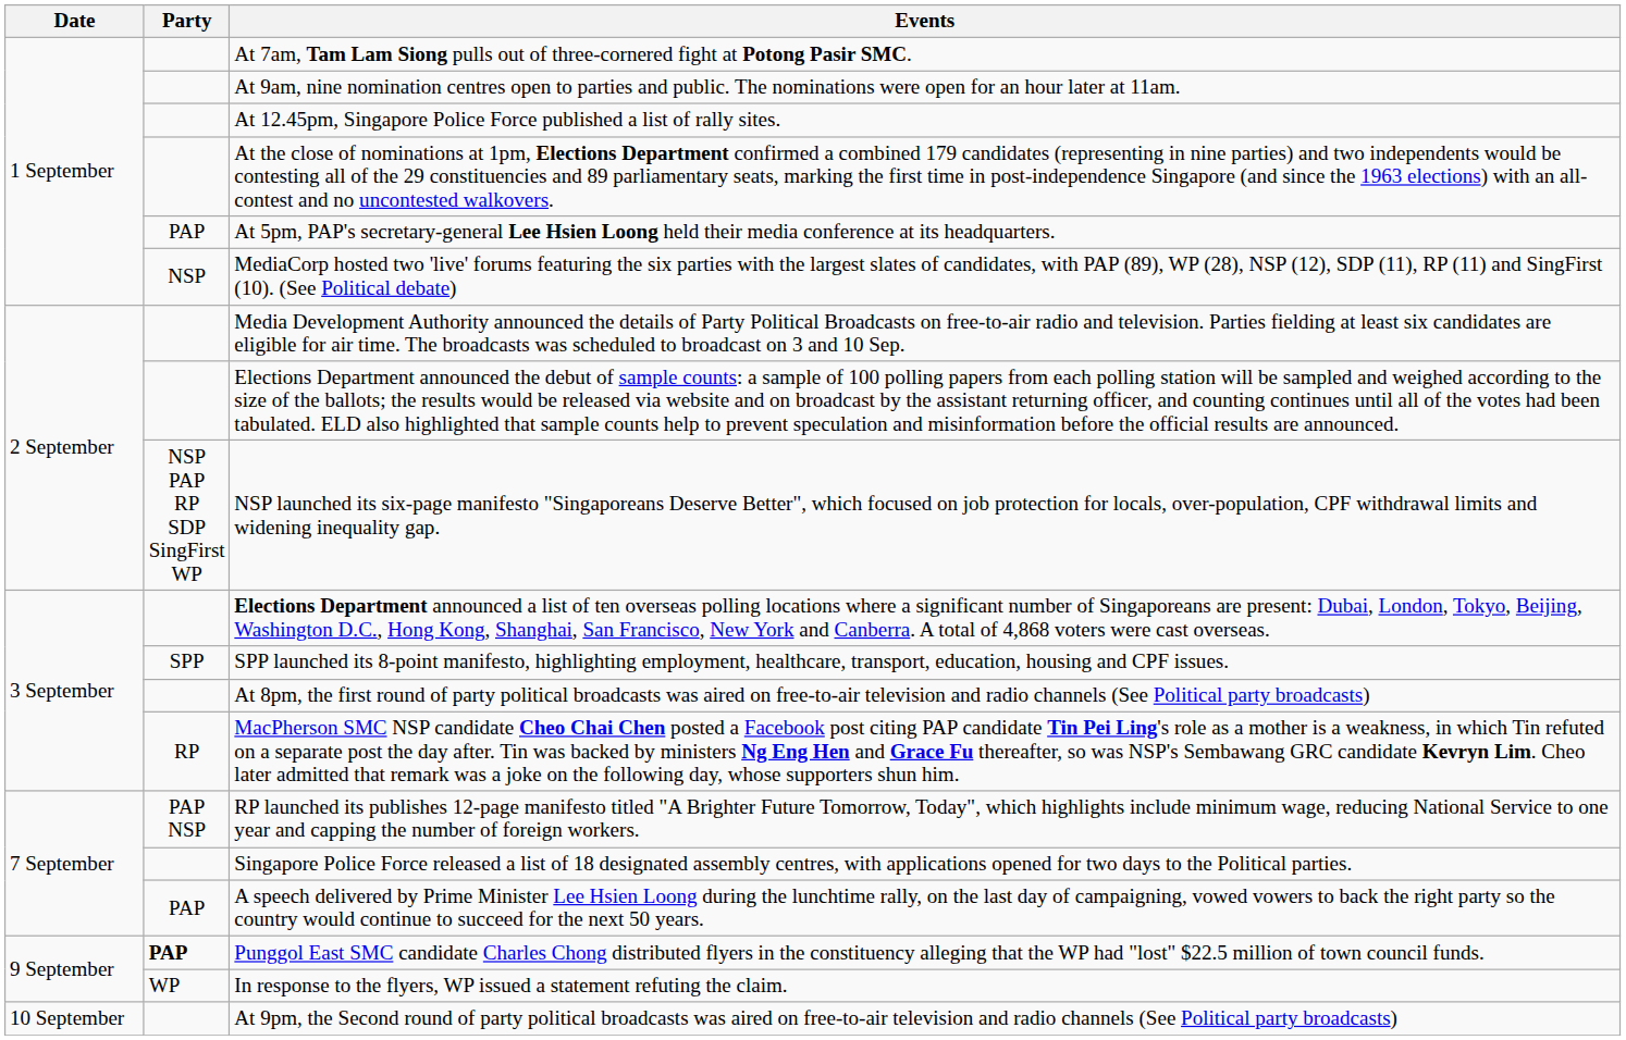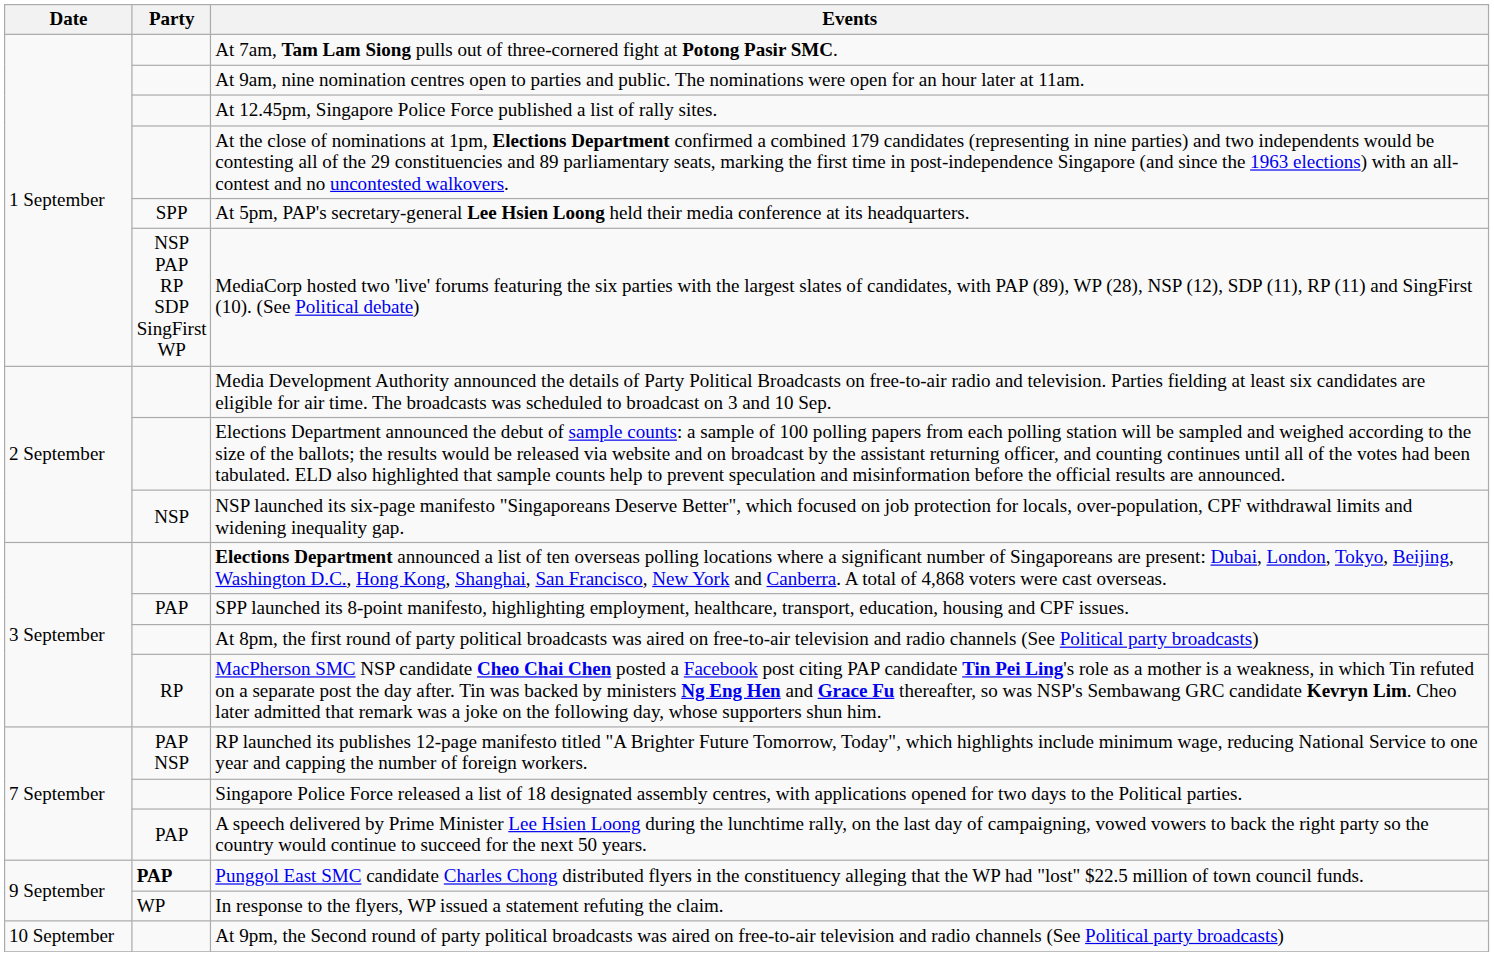 <table class="wikitable">
 <tr>
 <th style="width:100px;">Date</th>
 <th style="width:20px; text-align: center;">Party</th>
 <th>Events</th>
 </tr>
 <tr>
 <td rowspan=6>1 September</td>
 <td></td>
 <td>At 7am, <strong>Tam Lam Siong</strong> pulls out of three-cornered fight at <strong>Potong Pasir SMC</strong>.</td>
 </tr>
 <tr>
 <td></td>
 <td>At 9am, nine nomination centres open to parties and public. The nominations were open for an hour later at 11am.</td>
 </tr>
 <tr>
 <td></td>
 <td>At 12.45pm, Singapore Police Force published a list of rally sites.</td>
 </tr>
 <tr>
 <td></td>
 <td>At the close of nominations at 1pm, <strong>Elections Department</strong> confirmed a combined 179 candidates (representing in nine parties) and two independents would be contesting all of the 29 constituencies and 89 parliamentary seats, marking the first time in post-independence Singapore (and since the <a href='#'>1963 elections</a>) with an all-contest and no <a href='#'>uncontested walkovers</a>.</td>
 </tr>
 <tr>
-<td style="text-align: center;">PAP</td>
+<td style="text-align: center;">SPP</td>
 <td>At 5pm, PAP's secretary-general <strong>Lee Hsien Loong</strong> held their media conference at its headquarters.</td>
 </tr>
 <tr>
-<td style="text-align: center;">NSP</td>
+<td style="text-align: center;">NSP<br>PAP<br>RP<br>SDP<br>SingFirst<br>WP</td>
 <td>MediaCorp hosted two 'live' forums featuring the six parties with the largest slates of candidates, with PAP (89), WP (28), NSP (12), SDP (11), RP (11) and SingFirst (10). (See <a href='#'>Political debate</a>)</td>
 </tr>
 <tr>
 <td rowspan=3>2 September</td>
 <td></td>
 <td>Media Development Authority announced the details of Party Political Broadcasts on free-to-air radio and television. Parties fielding at least six candidates are eligible for air time. The broadcasts was scheduled to broadcast on 3 and 10 Sep.</td>
 </tr>
 <tr>
 <td></td>
 <td>Elections Department announced the debut of <a href='#'>sample counts</a>: a sample of 100 polling papers from each polling station will be sampled and weighed according to the size of the ballots; the results would be released via website and on broadcast by the assistant returning officer, and counting continues until all of the votes had been tabulated. ELD also highlighted that sample counts help to prevent speculation and misinformation before the official results are announced.</td>
 </tr>
 <tr>
-<td style="text-align: center;">NSP<br>PAP<br>RP<br>SDP<br>SingFirst<br>WP</td>
+<td style="text-align: center;">NSP</td>
 <td>NSP launched its six-page manifesto "Singaporeans Deserve Better", which focused on job protection for locals, over-population, CPF withdrawal limits and widening inequality gap.</td>
 </tr>
 <tr>
 <td rowspan=4>3 September</td>
 <td></td>
 <td><strong>Elections Department</strong> announced a list of ten overseas polling locations where a significant number of Singaporeans are present: <a href='#'>Dubai</a>, <a href='#'>London</a>, <a href='#'>Tokyo</a>, <a href='#'>Beijing</a>, <a href='#'>Washington D.C.</a>, <a href='#'>Hong Kong</a>, <a href='#'>Shanghai</a>, <a href='#'>San Francisco</a>, <a href='#'>New York</a> and <a href='#'>Canberra</a>. A total of 4,868 voters were cast overseas.</td>
 </tr>
 <tr>
-<td style="text-align: center;">SPP</td>
+<td style="text-align: center;">PAP</td>
 <td>SPP launched its 8-point manifesto, highlighting employment, healthcare, transport, education, housing and CPF issues.</td>
 </tr>
 <tr>
 <td></td>
 <td>At 8pm, the first round of party political broadcasts was aired on free-to-air television and radio channels (See <a href='#'>Political party broadcasts</a>)</td>
 </tr>
 <tr>
 <td style="text-align: center;">RP</td>
 <td><a href='#'>MacPherson SMC</a> NSP candidate <strong><a href='#'>Cheo Chai Chen</a></strong> posted a <a href='#'>Facebook</a> post citing PAP candidate <strong><a href='#'>Tin Pei Ling</a></strong>'s role as a mother is a weakness, in which Tin refuted on a separate post the day after. Tin was backed by ministers <strong><a href='#'>Ng Eng Hen</a></strong> and <strong><a href='#'>Grace Fu</a></strong> thereafter, so was NSP's Sembawang GRC candidate <strong>Kevryn Lim</strong>. Cheo later admitted that remark was a joke on the following day, whose supporters shun him.</td>
 </tr>
 <tr>
 <td rowspan=3>7 September</td>
 <td style="text-align: center;">PAP<br>NSP</td>
 <td>RP launched its publishes 12-page manifesto titled "A Brighter Future Tomorrow, Today", which highlights include minimum wage, reducing National Service to one year and capping the number of foreign workers.</td>
 </tr>
 <tr>
 <td></td>
 <td>Singapore Police Force released a list of 18 designated assembly centres, with applications opened for two days to the Political parties.</td>
 </tr>
 <tr>
 <td style="text-align: center;">PAP</td>
 <td>A speech delivered by Prime Minister <a href='#'>Lee Hsien Loong</a> during the lunchtime rally, on the last day of campaigning, vowed vowers to back the right party so the country would continue to succeed for the next 50 years.</td>
 </tr>
 <tr>
 <td rowspan="2">9 September</td>
 <td><strong>PAP</strong></td>
 <td><a href='#'>Punggol East SMC</a> candidate <a href='#'>Charles Chong</a> distributed flyers in the constituency alleging that the WP had "lost" $22.5 million of town council funds.</td>
 </tr>
 <tr>
 <td>WP</td>
 <td>In response to the flyers, WP issued a statement refuting the claim.</td>
 </tr>
 <tr>
 <td>10 September</td>
 <td></td>
 <td>At 9pm, the Second round of party political broadcasts was aired on free-to-air television and radio channels (See <a href='#'>Political party broadcasts</a>)</td>
 </tr>
 </table>
